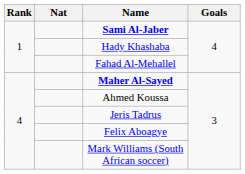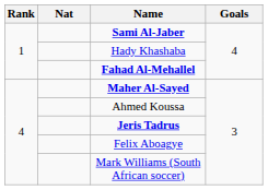 <table class="wikitable sortable">
 <tr>
 <th width=20>Rank</th>
 <th width=65>Nat</th>
 <th width=150>Name</th>
 <th width=70>Goals</th>
 </tr>
 <tr style="text-align:center;">
 <td rowspan="3">1</td>
 <td></td>
 <td align=center><strong><a href='#'>Sami Al-Jaber</a></strong></td>
 <td rowspan="3">4</td>
 </tr>
 <tr align=center>
 <td></td>
 <td align=center><a href='#'>Hady Khashaba</a></td>
 </tr>
 <tr align=center>
 <td></td>
-<td align=center><a href='#'>Fahad Al-Mehallel</a></td>
+<td align=center><strong><a href='#'>Fahad Al-Mehallel</a></strong></td>
 </tr>
 <tr align=center>
 <td rowspan="5">4</td>
 <td></td>
 <td align=center><strong><a href='#'>Maher Al-Sayed</a></strong></td>
 <td rowspan="5">3</td>
 </tr>
 <tr align=center>
 <td></td>
 <td align=center>Ahmed Koussa</td>
 </tr>
 <tr align=center>
 <td></td>
-<td align=center><a href='#'>Jeris Tadrus</a></td>
+<td align=center><strong><a href='#'>Jeris Tadrus</a></strong></td>
 </tr>
 <tr align=center>
 <td></td>
 <td align=center><a href='#'>Felix Aboagye</a></td>
 </tr>
 <tr align=center>
 <td></td>
 <td align=center><a href='#'>Mark Williams (South African soccer)</a></td>
 </tr>
 </table>
